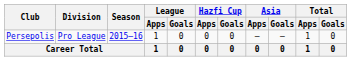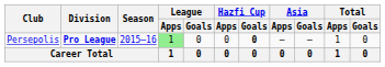 <table class="wikitable" style="text-align: center;">
 <tr>
 <th rowspan="2">Club</th>
 <th rowspan="2">Division</th>
 <th rowspan="2">Season</th>
 <th colspan="2">League</th>
 <th colspan="2"><a href='#'>Hazfi Cup</a></th>
 <th colspan="2"><a href='#'>Asia</a></th>
 <th colspan="2">Total</th>
 </tr>
 <tr>
 <th>Apps</th>
 <th>Goals</th>
 <th>Apps</th>
 <th>Goals</th>
 <th>Apps</th>
 <th>Goals</th>
 <th>Apps</th>
 <th>Goals</th>
 </tr>
 <tr>
 <td><a href='#'>Persepolis</a></td>
-<td><a href='#'>Pro League</a></td>
+<td><strong><a href='#'>Pro League</a></strong></td>
 <td><a href='#'>2015–16</a></td>
-<td>1</td>
+<td style="background: lightgreen;">1</td>
 <td>0</td>
 <td>0</td>
-<td>0</td>
+<td><strong>0</strong></td>
 <td>–</td>
 <td>–</td>
 <td>1</td>
 <td>0</td>
 </tr>
 <tr>
 <th colspan=3>Career Total</th>
 <th>1</th>
 <th>0</th>
 <th>0</th>
 <th>0</th>
 <th>0</th>
 <th>0</th>
 <th>1</th>
 <th>0</th>
 </tr>
 </table>
